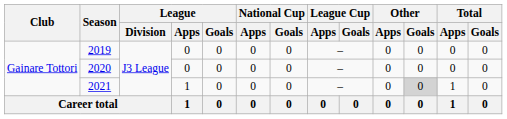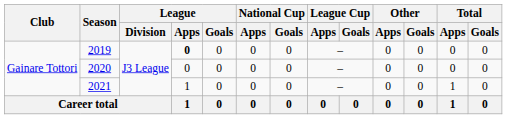 <table class="wikitable" style="text-align: center">
 <tr>
 <th rowspan="2">Club</th>
 <th rowspan="2">Season</th>
 <th colspan="3">League</th>
 <th colspan="2">National Cup</th>
 <th colspan="2">League Cup</th>
 <th colspan="2">Other</th>
 <th colspan="2">Total</th>
 </tr>
 <tr>
 <th>Division</th>
 <th>Apps</th>
 <th>Goals</th>
 <th>Apps</th>
 <th>Goals</th>
 <th>Apps</th>
 <th>Goals</th>
 <th>Apps</th>
 <th>Goals</th>
 <th>Apps</th>
 <th>Goals</th>
 </tr>
 <tr>
 <td rowspan="3"><a href='#'>Gainare Tottori</a></td>
 <td><a href='#'>2019</a></td>
 <td rowspan="3"><a href='#'>J3 League</a></td>
-<td>0</td>
+<td><strong>0</strong></td>
 <td>0</td>
 <td>0</td>
 <td>0</td>
 <td colspan="2">–</td>
 <td>0</td>
 <td>0</td>
 <td>0</td>
 <td>0</td>
 </tr>
 <tr>
 <td><a href='#'>2020</a></td>
 <td>0</td>
 <td>0</td>
 <td>0</td>
 <td>0</td>
 <td colspan="2">–</td>
 <td>0</td>
 <td>0</td>
 <td>0</td>
 <td>0</td>
 </tr>
 <tr>
 <td><a href='#'>2021</a></td>
 <td>1</td>
 <td>0</td>
 <td>0</td>
 <td>0</td>
 <td colspan="2">–</td>
 <td>0</td>
-<td style="background: lightgrey;">0</td>
+<td>0</td>
 <td>1</td>
 <td>0</td>
 </tr>
 <tr>
 <th colspan=3>Career total</th>
 <th>1</th>
 <th>0</th>
 <th>0</th>
 <th>0</th>
 <th>0</th>
 <th>0</th>
 <th>0</th>
 <th>0</th>
 <th>1</th>
 <th>0</th>
 </tr>
 </table>
